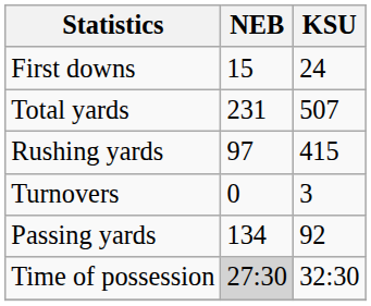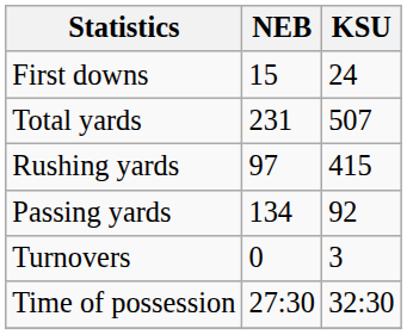 <table class="wikitable">
 <tr>
 <th>Statistics</th>
 <th>NEB</th>
 <th>KSU</th>
 </tr>
 <tr>
 <td>First downs</td>
 <td>15</td>
 <td>24</td>
 </tr>
 <tr>
 <td>Total yards</td>
 <td>231</td>
 <td>507</td>
 </tr>
 <tr>
 <td>Rushing yards</td>
 <td>97</td>
 <td>415</td>
 </tr>
 <tr>
+<td>Passing yards</td>
+<td>134</td>
+<td>92</td>
+</tr>
+<tr>
 <td>Turnovers</td>
 <td>0</td>
 <td>3</td>
 </tr>
 <tr>
-<td>Passing yards</td>
-<td>134</td>
-<td>92</td>
-</tr>
-<tr>
 <td>Time of possession</td>
-<td style="background: lightgrey;">27:30</td>
+<td>27:30</td>
 <td>32:30</td>
 </tr>
 <tr>
 </tr>
 </table>
